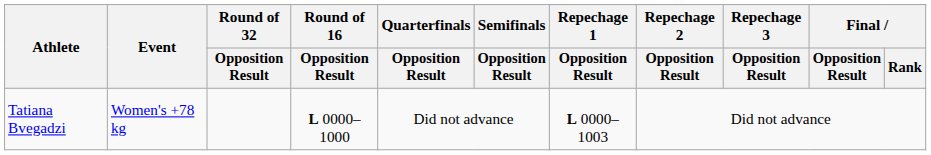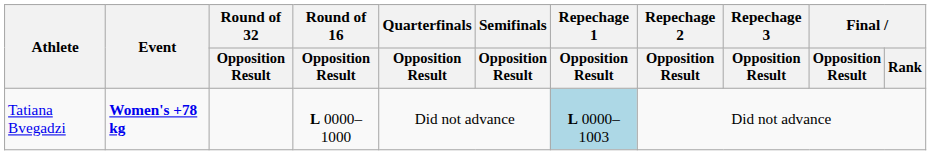 <table class="wikitable" style="font-size:90%">
 <tr>
 <th rowspan="2">Athlete</th>
 <th rowspan="2">Event</th>
 <th>Round of 32</th>
 <th>Round of 16</th>
 <th>Quarterfinals</th>
 <th>Semifinals</th>
 <th>Repechage 1</th>
 <th>Repechage 2</th>
 <th>Repechage 3</th>
 <th colspan=2>Final / </th>
 </tr>
 <tr style="font-size:95%">
 <th>Opposition<br>Result</th>
 <th>Opposition<br>Result</th>
 <th>Opposition<br>Result</th>
 <th>Opposition<br>Result</th>
 <th>Opposition<br>Result</th>
 <th>Opposition<br>Result</th>
 <th>Opposition<br>Result</th>
 <th>Opposition<br>Result</th>
 <th>Rank</th>
 </tr>
 <tr align=center>
 <td align=left><a href='#'>Tatiana Bvegadzi</a></td>
-<td align=left><a href='#'>Women's +78 kg</a></td>
+<td align=left><strong><a href='#'>Women's +78 kg</a></strong></td>
 <td></td>
 <td><br><strong>L</strong> 0000–1000</td>
 <td colspan=2>Did not advance</td>
-<td><br><strong>L</strong> 0000–1003</td>
+<td style="background: lightblue;"><br><strong>L</strong> 0000–1003</td>
 <td colspan=4>Did not advance</td>
 </tr>
 </table>
